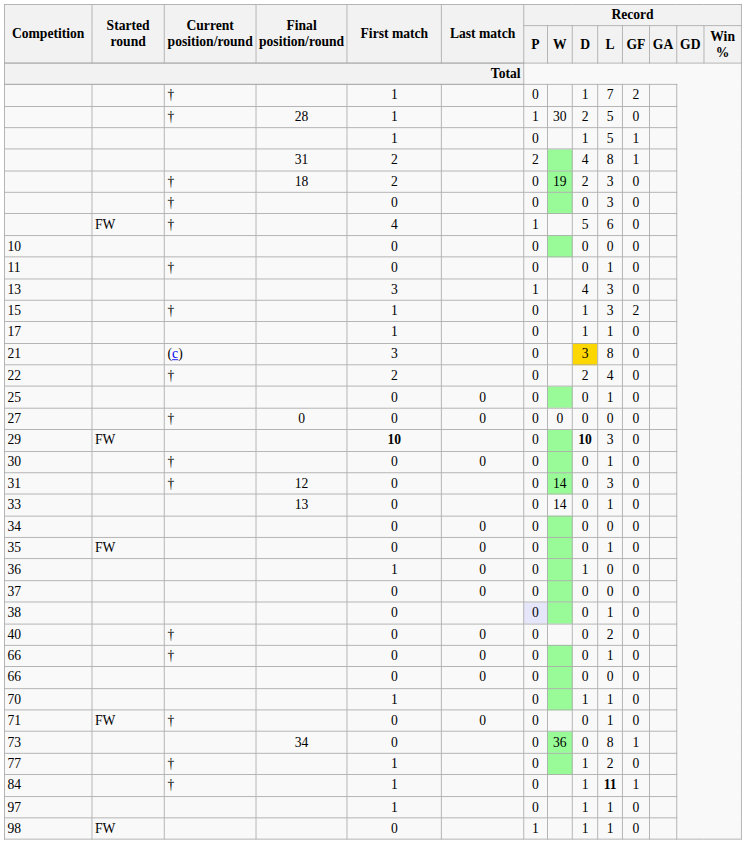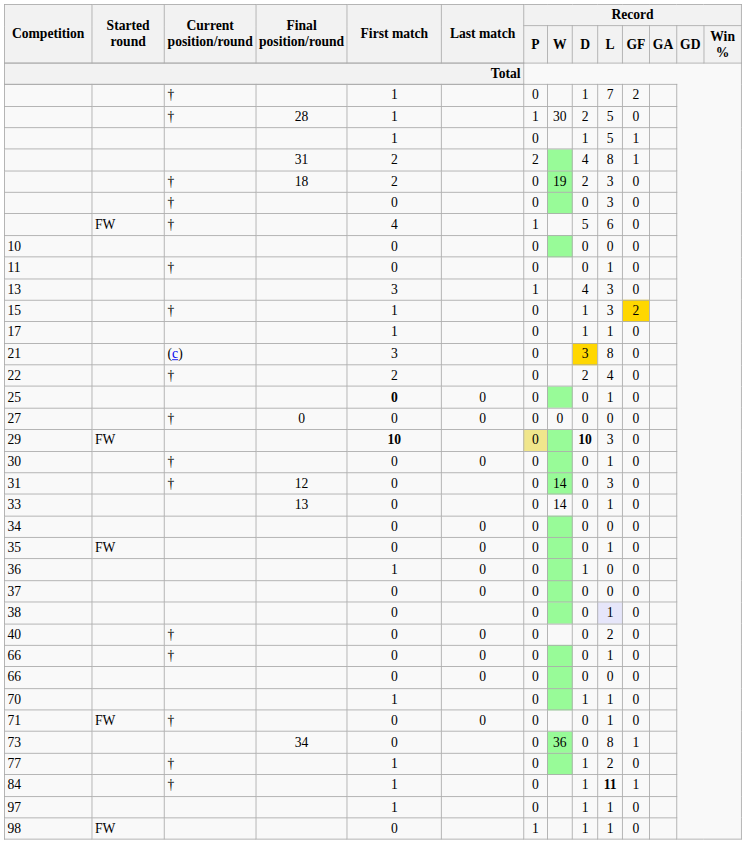 <table class="wikitable" style="text-align: center">
 <tr>
 <th rowspan="2" width="100">Competition</th>
 <th rowspan="2" width="90">Started round</th>
 <th rowspan="2" width="90">Current position/round</th>
 <th rowspan="2" width="90">Final position/round</th>
 <th rowspan="2" width="130">First match</th>
 <th rowspan="2" width="110">Last match</th>
 <th colspan="8">Record</th>
 </tr>
 <tr>
 <th width="25">P</th>
 <th width="25">W</th>
 <th width="25">D</th>
 <th width="25">L</th>
 <th width="25">GF</th>
 <th width="25">GA</th>
 <th width="25">GD</th>
 <th width="40">Win %</th>
 </tr>
 <tr>
 </tr>
 <tr>
 </tr>
 <tr>
 <th colspan="6" style="text-align: right;">Total<br></th>
 </tr>
 <tr>
 </tr>
 <tr>
 <td align="left"></td>
 <td align="left"></td>
 <td align="left">  †</td>
 <td></td>
 <td>1</td>
 <td></td>
 <td>0</td>
 <td></td>
 <td>1</td>
 <td>7</td>
 <td>2</td>
 <td></td>
 </tr>
 <tr>
 <td align="left"></td>
 <td align="left"></td>
 <td align="left">  †</td>
 <td>28</td>
 <td>1</td>
 <td></td>
 <td>1</td>
 <td>30</td>
 <td>2</td>
 <td>5</td>
 <td>0</td>
 <td></td>
 </tr>
 <tr>
 <td align="left"></td>
 <td align="left"></td>
 <td align="left"> </td>
 <td></td>
 <td>1</td>
 <td></td>
 <td>0</td>
 <td></td>
 <td>1</td>
 <td>5</td>
 <td>1</td>
 <td></td>
 </tr>
 <tr>
 <td align="left"></td>
 <td align="left"></td>
 <td align="left"> </td>
 <td>31</td>
 <td>2</td>
 <td></td>
 <td>2</td>
 <td style="background:#98FB98"></td>
 <td>4</td>
 <td>8</td>
 <td>1</td>
 <td></td>
 </tr>
 <tr>
 <td align="left"></td>
 <td align="left"></td>
 <td align="left">  †</td>
 <td>18</td>
 <td>2</td>
 <td></td>
 <td>0</td>
 <td style="background:#98FB98">19</td>
 <td>2</td>
 <td>3</td>
 <td>0</td>
 <td></td>
 </tr>
 <tr>
 <td align="left"></td>
 <td align="left"></td>
 <td align="left">  †</td>
 <td></td>
 <td>0</td>
 <td></td>
 <td>0</td>
 <td style="background:#98FB98"></td>
 <td>0</td>
 <td>3</td>
 <td>0</td>
 <td></td>
 </tr>
 <tr>
 <td align="left"></td>
 <td align="left">FW</td>
 <td align="left">  †</td>
 <td></td>
 <td>4</td>
 <td></td>
 <td>1</td>
 <td></td>
 <td>5</td>
 <td>6</td>
 <td>0</td>
 <td></td>
 </tr>
 <tr>
 <td align="left">10</td>
 <td align="left"></td>
 <td align="left"> </td>
 <td></td>
 <td>0</td>
 <td></td>
 <td>0</td>
 <td style="background:#98FB98"></td>
 <td>0</td>
 <td>0</td>
 <td>0</td>
 <td></td>
 </tr>
 <tr>
 <td align="left">11</td>
 <td align="left"></td>
 <td align="left">  †</td>
 <td></td>
 <td>0</td>
 <td></td>
 <td>0</td>
 <td></td>
 <td>0</td>
 <td>1</td>
 <td>0</td>
 <td></td>
 </tr>
 <tr>
 <td align="left">13</td>
 <td align="left"></td>
 <td align="left"> </td>
 <td></td>
 <td>3</td>
 <td></td>
 <td>1</td>
 <td></td>
 <td>4</td>
 <td>3</td>
 <td>0</td>
 <td></td>
 </tr>
 <tr>
 <td align="left">15</td>
 <td align="left"></td>
 <td align="left">  †</td>
 <td></td>
 <td>1</td>
 <td></td>
 <td>0</td>
 <td></td>
 <td>1</td>
 <td>3</td>
-<td>2</td>
+<td style="background: gold;">2</td>
 <td></td>
 </tr>
 <tr>
 <td align="left">17</td>
 <td align="left"></td>
 <td align="left"> </td>
 <td></td>
 <td>1</td>
 <td></td>
 <td>0</td>
 <td></td>
 <td>1</td>
 <td>1</td>
 <td>0</td>
 <td></td>
 </tr>
 <tr>
 <td align="left">21</td>
 <td align="left"></td>
 <td align="left">  (<a href='#'>c</a>)</td>
 <td></td>
 <td>3</td>
 <td></td>
 <td>0</td>
 <td></td>
 <td style="background: gold;">3</td>
 <td>8</td>
 <td>0</td>
 <td></td>
 </tr>
 <tr>
 <td align="left">22</td>
 <td align="left"></td>
 <td align="left">  †</td>
 <td></td>
 <td>2</td>
 <td></td>
 <td>0</td>
 <td></td>
 <td>2</td>
 <td>4</td>
 <td>0</td>
 <td></td>
 </tr>
 <tr>
 <td align="left">25</td>
 <td align="left"></td>
 <td align="left"> </td>
 <td></td>
-<td>0</td>
+<td><strong>0</strong></td>
 <td>0</td>
 <td>0</td>
 <td style="background:#98FB98"></td>
 <td>0</td>
 <td>1</td>
 <td>0</td>
 <td></td>
 </tr>
 <tr>
 <td align="left">27</td>
 <td align="left"></td>
 <td align="left">  †</td>
 <td>0</td>
 <td>0</td>
 <td>0</td>
 <td>0</td>
 <td>0</td>
 <td>0</td>
 <td>0</td>
 <td>0</td>
 <td></td>
 </tr>
 <tr>
 <td align="left">29</td>
 <td align="left">FW</td>
 <td align="left"> </td>
 <td><strong></strong></td>
 <td><strong>10</strong></td>
 <td></td>
-<td>0</td>
+<td style="background: khaki;">0</td>
 <td style="background:#98FB98"><strong></strong></td>
 <td><strong>10</strong></td>
 <td>3</td>
 <td>0</td>
 <td></td>
 </tr>
 <tr>
 <td align="left">30</td>
 <td align="left"></td>
 <td align="left">  †</td>
 <td></td>
 <td>0</td>
 <td>0</td>
 <td>0</td>
 <td style="background:#98FB98"></td>
 <td>0</td>
 <td>1</td>
 <td>0</td>
 <td></td>
 </tr>
 <tr>
 <td align="left">31</td>
 <td align="left"></td>
 <td align="left">  †</td>
 <td>12</td>
 <td>0</td>
 <td></td>
 <td>0</td>
 <td style="background:#98FB98">14</td>
 <td>0</td>
 <td>3</td>
 <td>0</td>
 <td></td>
 </tr>
 <tr>
 <td align="left">33</td>
 <td align="left"></td>
 <td align="left"> </td>
 <td>13</td>
 <td>0</td>
 <td></td>
 <td>0</td>
 <td>14</td>
 <td>0</td>
 <td>1</td>
 <td>0</td>
 <td></td>
 </tr>
 <tr>
 <td align="left">34</td>
 <td align="left"></td>
 <td align="left"> </td>
 <td></td>
 <td>0</td>
 <td>0</td>
 <td>0</td>
 <td style="background:#98FB98"></td>
 <td>0</td>
 <td>0</td>
 <td>0</td>
 <td></td>
 </tr>
 <tr>
 <td align="left">35</td>
 <td align="left">FW</td>
 <td align="left"> </td>
 <td></td>
 <td>0</td>
 <td>0</td>
 <td>0</td>
 <td style="background:#98FB98"></td>
 <td>0</td>
 <td>1</td>
 <td>0</td>
 <td></td>
 </tr>
 <tr>
 <td align="left">36</td>
 <td align="left"></td>
 <td align="left"> </td>
 <td></td>
 <td>1</td>
 <td>0</td>
 <td>0</td>
 <td style="background:#98FB98"></td>
 <td>1</td>
 <td>0</td>
 <td>0</td>
 <td></td>
 </tr>
 <tr>
 <td align="left">37</td>
 <td align="left"></td>
 <td align="left"> </td>
 <td></td>
 <td>0</td>
 <td>0</td>
 <td>0</td>
 <td style="background:#98FB98"></td>
 <td>0</td>
 <td>0</td>
 <td>0</td>
 <td></td>
 </tr>
 <tr>
 <td align="left">38</td>
 <td align="left"></td>
 <td align="left"> </td>
 <td></td>
 <td>0</td>
 <td></td>
-<td style="background: lavender;">0</td>
+<td>0</td>
 <td style="background:#98FB98"></td>
 <td>0</td>
-<td>1</td>
+<td style="background: lavender;">1</td>
 <td>0</td>
 <td></td>
 </tr>
 <tr>
 <td align="left">40</td>
 <td align="left"></td>
 <td align="left">  †</td>
 <td></td>
 <td>0</td>
 <td>0</td>
 <td>0</td>
 <td></td>
 <td>0</td>
 <td>2</td>
 <td>0</td>
 <td></td>
 </tr>
 <tr>
 <td align="left">66</td>
 <td align="left"></td>
 <td align="left">  †</td>
 <td></td>
 <td>0</td>
 <td>0</td>
 <td>0</td>
 <td style="background:#98FB98"></td>
 <td>0</td>
 <td>1</td>
 <td>0</td>
 <td></td>
 </tr>
 <tr>
 <td align="left">66</td>
 <td align="left"></td>
 <td align="left"> </td>
 <td></td>
 <td>0</td>
 <td>0</td>
 <td>0</td>
 <td style="background:#98FB98"></td>
 <td>0</td>
 <td>0</td>
 <td>0</td>
 <td></td>
 </tr>
 <tr>
 <td align="left">70</td>
 <td align="left"></td>
 <td align="left"> </td>
 <td></td>
 <td>1</td>
 <td></td>
 <td>0</td>
 <td style="background:#98FB98"></td>
 <td>1</td>
 <td>1</td>
 <td>0</td>
 <td></td>
 </tr>
 <tr>
 <td align="left">71</td>
 <td align="left">FW</td>
 <td align="left">  †</td>
 <td></td>
 <td>0</td>
 <td>0</td>
 <td>0</td>
 <td></td>
 <td>0</td>
 <td>1</td>
 <td>0</td>
 <td></td>
 </tr>
 <tr>
 <td align="left">73</td>
 <td align="left"></td>
 <td align="left"> </td>
 <td>34</td>
 <td>0</td>
 <td></td>
 <td>0</td>
 <td style="background:#98FB98">36</td>
 <td>0</td>
 <td>8</td>
 <td>1</td>
 <td></td>
 </tr>
 <tr>
 <td align="left">77</td>
 <td align="left"></td>
 <td align="left">  †</td>
 <td></td>
 <td>1</td>
 <td></td>
 <td>0</td>
 <td style="background:#98FB98"></td>
 <td>1</td>
 <td>2</td>
 <td>0</td>
 <td></td>
 </tr>
 <tr>
 <td align="left">84</td>
 <td align="left"></td>
 <td align="left">  †</td>
 <td></td>
 <td>1</td>
 <td></td>
 <td>0</td>
 <td></td>
 <td>1</td>
 <td><strong>11</strong></td>
 <td>1</td>
 <td></td>
 </tr>
 <tr>
 <td align="left">97</td>
 <td align="left"></td>
 <td align="left"> </td>
 <td></td>
 <td>1</td>
 <td></td>
 <td>0</td>
 <td></td>
 <td>1</td>
 <td>1</td>
 <td>0</td>
 <td></td>
 </tr>
 <tr>
 <td align="left">98</td>
 <td align="left">FW</td>
 <td align="left"> </td>
 <td></td>
 <td>0</td>
 <td></td>
 <td>1</td>
 <td></td>
 <td>1</td>
 <td>1</td>
 <td>0</td>
 <td></td>
 </tr>
 </table>
